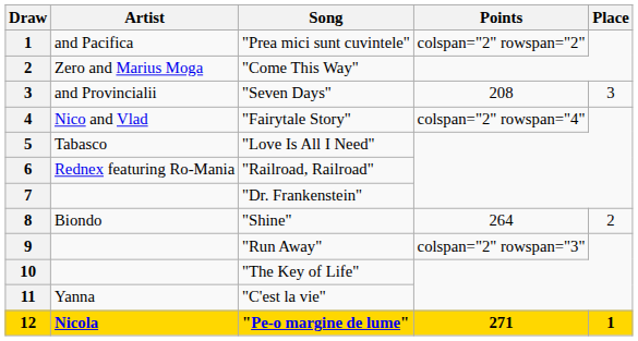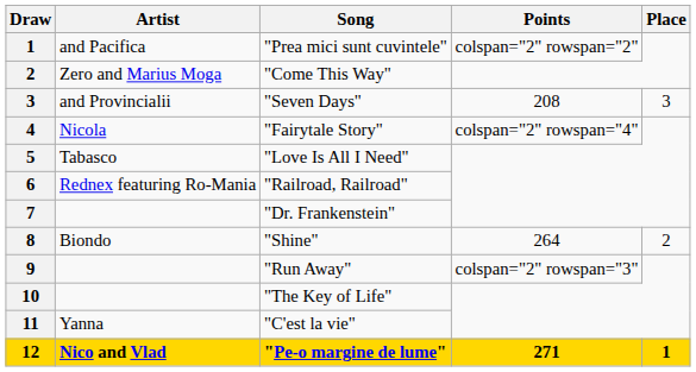 <table class="wikitable sortable plainrowheaders" style="margin: 1em auto 1em auto; text-align:center">
 <tr>
 <th scope="col">Draw</th>
 <th scope="col">Artist</th>
 <th scope="col">Song</th>
 <th scope="col">Points</th>
 <th scope="col">Place</th>
 </tr>
 <tr>
 <th scope="row" style="text-align:center;">1</th>
 <td style="text-align:left;"> and Pacifica</td>
 <td style="text-align:left;">"Prea mici sunt cuvintele"</td>
 <td>colspan="2" rowspan="2" </td>
 </tr>
 <tr>
 <th scope="row" style="text-align:center;">2</th>
 <td style="text-align:left;">Zero and <a href='#'>Marius Moga</a></td>
 <td style="text-align:left;">"Come This Way"</td>
 </tr>
 <tr>
 <th scope="row" style="text-align:center;">3</th>
 <td style="text-align:left;"> and Provincialii</td>
 <td style="text-align:left;">"Seven Days"</td>
 <td>208</td>
 <td>3</td>
 </tr>
 <tr>
 <th scope="row" style="text-align:center;">4</th>
-<td style="text-align:left;"><a href='#'>Nico</a> and <a href='#'>Vlad</a></td>
+<td style="text-align:left;"><a href='#'>Nicola</a></td>
 <td style="text-align:left;">"Fairytale Story"</td>
 <td>colspan="2" rowspan="4" </td>
 </tr>
 <tr>
 <th scope="row" style="text-align:center;">5</th>
 <td style="text-align:left;">Tabasco</td>
 <td style="text-align:left;">"Love Is All I Need"</td>
 </tr>
 <tr>
 <th scope="row" style="text-align:center;">6</th>
 <td style="text-align:left;"><a href='#'>Rednex</a> featuring Ro-Mania</td>
 <td style="text-align:left;">"Railroad, Railroad"</td>
 </tr>
 <tr>
 <th scope="row" style="text-align:center;">7</th>
 <td style="text-align:left;"></td>
 <td style="text-align:left;">"Dr. Frankenstein"</td>
 </tr>
 <tr>
 <th scope="row" style="text-align:center;">8</th>
 <td style="text-align:left;">Biondo</td>
 <td style="text-align:left;">"Shine"</td>
 <td>264</td>
 <td>2</td>
 </tr>
 <tr>
 <th scope="row" style="text-align:center;">9</th>
 <td style="text-align:left;"></td>
 <td style="text-align:left;">"Run Away"</td>
 <td>colspan="2" rowspan="3" </td>
 </tr>
 <tr>
 <th scope="row" style="text-align:center;">10</th>
 <td style="text-align:left;"></td>
 <td style="text-align:left;">"The Key of Life"</td>
 </tr>
 <tr>
 <th scope="row" style="text-align:center;">11</th>
 <td style="text-align:left;">Yanna</td>
 <td style="text-align:left;">"C'est la vie"</td>
 </tr>
 <tr style="font-weight:bold; background:gold;">
 <th scope="row" style="text-align:center; font-weight:bold; background:gold;">12</th>
-<td style="text-align:left;"><a href='#'>Nicola</a></td>
+<td style="text-align:left;"><a href='#'>Nico</a> and <a href='#'>Vlad</a></td>
 <td style="text-align:left;">"<a href='#'>Pe-o margine de lume</a>"</td>
 <td>271</td>
 <td>1</td>
 </tr>
 </table>
